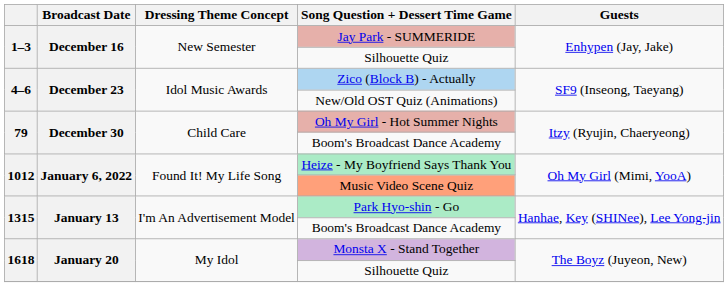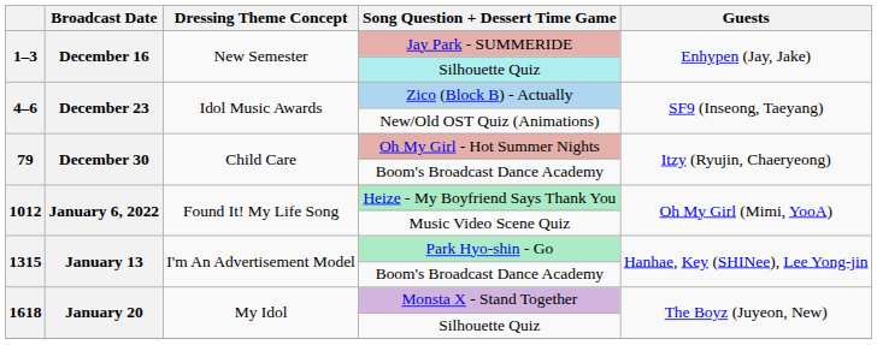 <table Class="wikitable" style="text-align:center">
 <tr>
 <th></th>
 <th>Broadcast Date</th>
 <th>Dressing Theme Concept</th>
 <th>Song Question + Dessert Time Game</th>
 <th>Guests</th>
 </tr>
 <tr>
 <th rowspan="2">1–3</th>
 <th rowspan="2">December 16</th>
 <td rowspan="2">New Semester</td>
 <td bgcolor="#E6B0AA"><a href='#'>Jay Park</a> - SUMMERIDE</td>
 <td rowspan="2"><a href='#'>Enhypen</a> (Jay, Jake)</td>
 </tr>
 <tr>
-<td>Silhouette Quiz</td>
+<td style="background: paleturquoise;">Silhouette Quiz</td>
 </tr>
 <tr>
 <th rowspan="2">4–6</th>
 <th rowspan="2">December 23</th>
 <td rowspan="2">Idol Music Awards</td>
 <td bgcolor="#AED6F1"><a href='#'>Zico</a> (<a href='#'>Block B</a>)  - Actually</td>
 <td rowspan="2"><a href='#'>SF9</a> (Inseong, Taeyang)</td>
 </tr>
 <tr>
 <td>New/Old OST Quiz (Animations)</td>
 </tr>
 <tr>
 <th rowspan="2">79</th>
 <th rowspan="2">December 30</th>
 <td rowspan="2">Child Care</td>
 <td bgcolor="#E6B0AA"><a href='#'>Oh My Girl</a> - Hot Summer Nights</td>
 <td rowspan="2"><a href='#'>Itzy</a> (Ryujin, Chaeryeong)</td>
 </tr>
 <tr>
 <td>Boom's Broadcast Dance Academy</td>
 </tr>
 <tr>
 <th rowspan="2">1012</th>
 <th rowspan="2">January 6, <strong>2022</strong></th>
 <td rowspan="2">Found It! My Life Song</td>
 <td bgcolor="#ABEBC6"><a href='#'>Heize</a> - My Boyfriend Says Thank You</td>
 <td rowspan="2"><a href='#'>Oh My Girl</a> (Mimi, <a href='#'>YooA</a>)</td>
 </tr>
 <tr>
-<td style="background: lightsalmon;">Music Video Scene Quiz</td>
+<td>Music Video Scene Quiz</td>
 </tr>
 <tr>
 <th rowspan="2">1315</th>
 <th rowspan="2">January 13</th>
 <td rowspan="2">I'm An Advertisement Model</td>
 <td bgcolor="#ABEBC6"><a href='#'>Park Hyo-shin</a> - Go</td>
 <td rowspan="2"><a href='#'>Hanhae</a>, <a href='#'>Key</a> (<a href='#'>SHINee</a>), <a href='#'>Lee Yong-jin</a></td>
 </tr>
 <tr>
 <td>Boom's Broadcast Dance Academy</td>
 </tr>
 <tr>
 <th rowspan="2">1618</th>
 <th rowspan="2">January 20</th>
 <td rowspan="2">My Idol</td>
 <td bgcolor="#D2B4DE"><a href='#'>Monsta X</a> - Stand Together</td>
 <td rowspan="2"><a href='#'>The Boyz</a> (Juyeon, New)</td>
 </tr>
 <tr>
 <td>Silhouette Quiz</td>
 </tr>
 <tr>
 </tr>
 </table>
